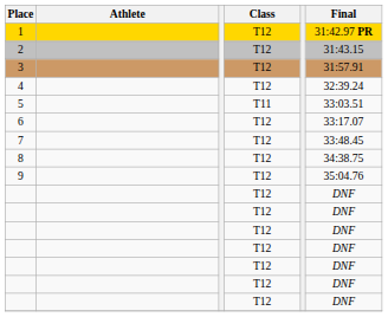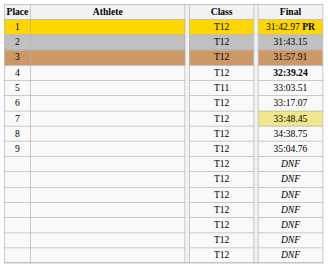 <table class="wikitable" style="text-align:center">
 <tr>
 <th>Place</th>
 <th width=250>Athlete</th>
 <th rowspan=17></th>
 <th width=100>Class</th>
 <th rowspan=17></th>
 <th width=100>Final</th>
 </tr>
 <tr bgcolor=gold>
 <td>1</td>
 <td align=left></td>
 <td>T12</td>
 <td>31:42.97 <strong>PR</strong></td>
 </tr>
 <tr bgcolor=silver>
 <td>2</td>
 <td align=left></td>
 <td>T12</td>
 <td>31:43.15</td>
 </tr>
 <tr bgcolor=cc9966>
 <td>3</td>
 <td align=left></td>
 <td>T12</td>
 <td>31:57.91</td>
 </tr>
 <tr>
 <td>4</td>
 <td align=left></td>
 <td>T12</td>
-<td>32:39.24</td>
+<td><strong>32:39.24</strong></td>
 </tr>
 <tr>
 <td>5</td>
 <td align=left></td>
 <td>T11</td>
 <td>33:03.51</td>
 </tr>
 <tr>
 <td>6</td>
 <td align=left></td>
 <td>T12</td>
 <td>33:17.07</td>
 </tr>
 <tr>
 <td>7</td>
 <td align=left></td>
 <td>T12</td>
-<td>33:48.45</td>
+<td style="background: khaki;">33:48.45</td>
 </tr>
 <tr>
 <td>8</td>
 <td align=left></td>
 <td>T12</td>
 <td>34:38.75</td>
 </tr>
 <tr>
 <td>9</td>
 <td align=left></td>
 <td>T12</td>
 <td>35:04.76</td>
 </tr>
 <tr>
 <td></td>
 <td align=left></td>
 <td>T12</td>
 <td><em>DNF</em></td>
 </tr>
 <tr>
 <td></td>
 <td align=left></td>
 <td>T12</td>
 <td><em>DNF</em></td>
 </tr>
 <tr>
 <td></td>
 <td align=left></td>
 <td>T12</td>
 <td><em>DNF</em></td>
 </tr>
 <tr>
 <td></td>
 <td align=left></td>
 <td>T12</td>
 <td><em>DNF</em></td>
 </tr>
 <tr>
 <td></td>
 <td align=left></td>
 <td>T12</td>
 <td><em>DNF</em></td>
 </tr>
 <tr>
 <td></td>
 <td align=left></td>
 <td>T12</td>
 <td><em>DNF</em></td>
 </tr>
 <tr>
 <td></td>
 <td align=left></td>
 <td>T12</td>
 <td><em>DNF</em></td>
 </tr>
 <tr>
 </tr>
 </table>
